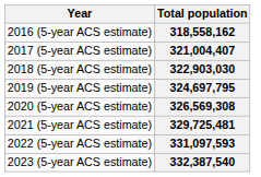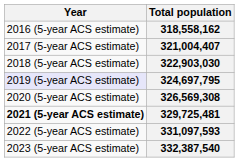 <table class="wikitable">
 <tr>
 <th>Year</th>
 <th>Total population</th>
 </tr>
 <tr>
 <td>2016 (5-year ACS estimate)</td>
 <th>318,558,162</th>
 </tr>
 <tr>
 <td>2017 (5-year ACS estimate)</td>
 <th>321,004,407</th>
 </tr>
 <tr>
 <td>2018 (5-year ACS estimate)</td>
 <th>322,903,030</th>
 </tr>
 <tr>
-<td>2019 (5-year ACS estimate)</td>
+<td style="background: lavender;">2019 (5-year ACS estimate)</td>
 <th>324,697,795</th>
 </tr>
 <tr>
 <td>2020 (5-year ACS estimate)</td>
 <th>326,569,308</th>
 </tr>
 <tr>
-<td>2021 (5-year ACS estimate)</td>
+<td><strong>2021 (5-year ACS estimate)</strong></td>
 <th>329,725,481</th>
 </tr>
 <tr>
 <td>2022 (5-year ACS estimate)</td>
 <th>331,097,593</th>
 </tr>
 <tr>
 <td>2023 (5-year ACS estimate)</td>
 <th>332,387,540</th>
 </tr>
 </table>
